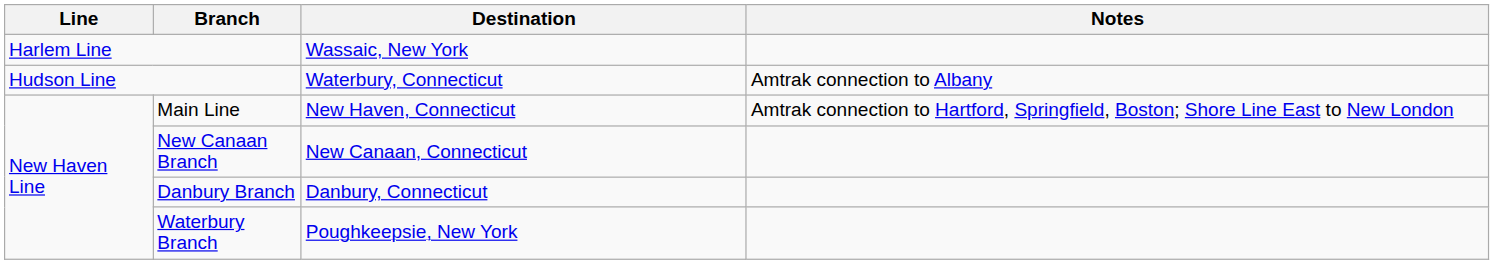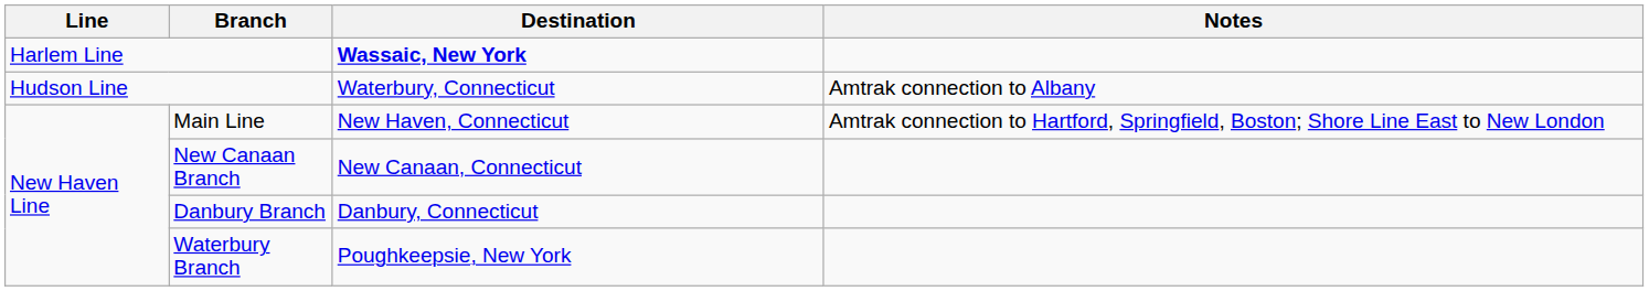 <table class="wikitable">
 <tr>
 <th width=10%>Line</th>
 <th width=10%>Branch</th>
 <th width=30%>Destination</th>
 <th width=50%>Notes</th>
 </tr>
 <tr>
 <td colspan=2><a href='#'>Harlem Line</a></td>
-<td><a href='#'>Wassaic, New York</a></td>
+<td><strong><a href='#'>Wassaic, New York</a></strong></td>
 <td></td>
 </tr>
 <tr>
 <td colspan=2><a href='#'>Hudson Line</a></td>
 <td><a href='#'>Waterbury, Connecticut</a></td>
 <td>Amtrak connection to <a href='#'>Albany</a></td>
 </tr>
 <tr>
 <td rowspan=4><a href='#'>New Haven Line</a></td>
 <td>Main Line</td>
 <td><a href='#'>New Haven, Connecticut</a></td>
 <td>Amtrak connection to <a href='#'>Hartford</a>, <a href='#'>Springfield</a>, <a href='#'>Boston</a>; <a href='#'>Shore Line East</a> to <a href='#'>New London</a></td>
 </tr>
 <tr>
 <td><a href='#'>New Canaan Branch</a></td>
 <td><a href='#'>New Canaan, Connecticut</a></td>
 <td></td>
 </tr>
 <tr>
 <td><a href='#'>Danbury Branch</a></td>
 <td><a href='#'>Danbury, Connecticut</a></td>
 <td></td>
 </tr>
 <tr>
 <td><a href='#'>Waterbury Branch</a></td>
 <td><a href='#'>Poughkeepsie, New York</a></td>
 <td></td>
 </tr>
 </table>
